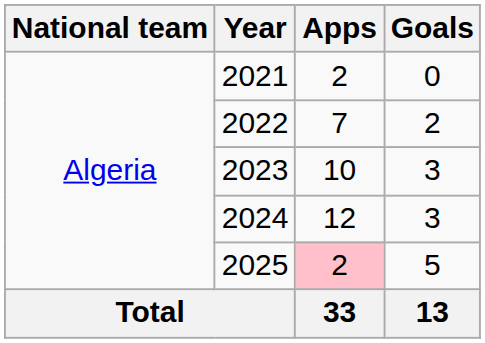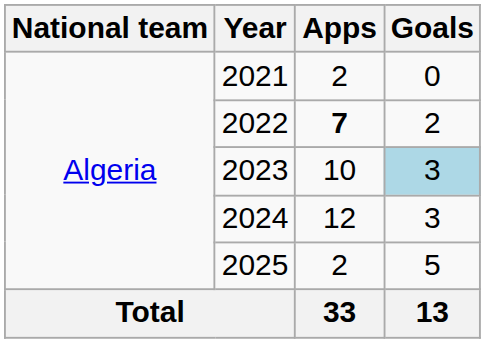 <table class="wikitable" style="text-align:center">
 <tr>
 <th>National team</th>
 <th>Year</th>
 <th>Apps</th>
 <th>Goals</th>
 </tr>
 <tr>
 <td rowspan="5"><a href='#'>Algeria</a></td>
 <td>2021</td>
 <td>2</td>
 <td>0</td>
 </tr>
 <tr>
 <td>2022</td>
-<td>7</td>
+<td><strong>7</strong></td>
 <td>2</td>
 </tr>
 <tr>
 <td>2023</td>
 <td>10</td>
-<td>3</td>
+<td style="background: lightblue;">3</td>
 </tr>
 <tr>
 <td>2024</td>
 <td>12</td>
 <td>3</td>
 </tr>
 <tr>
 <td>2025</td>
-<td style="background: pink;">2</td>
+<td>2</td>
 <td>5</td>
 </tr>
 <tr>
 <th colspan="2">Total</th>
 <th>33</th>
 <th>13</th>
 </tr>
 </table>
